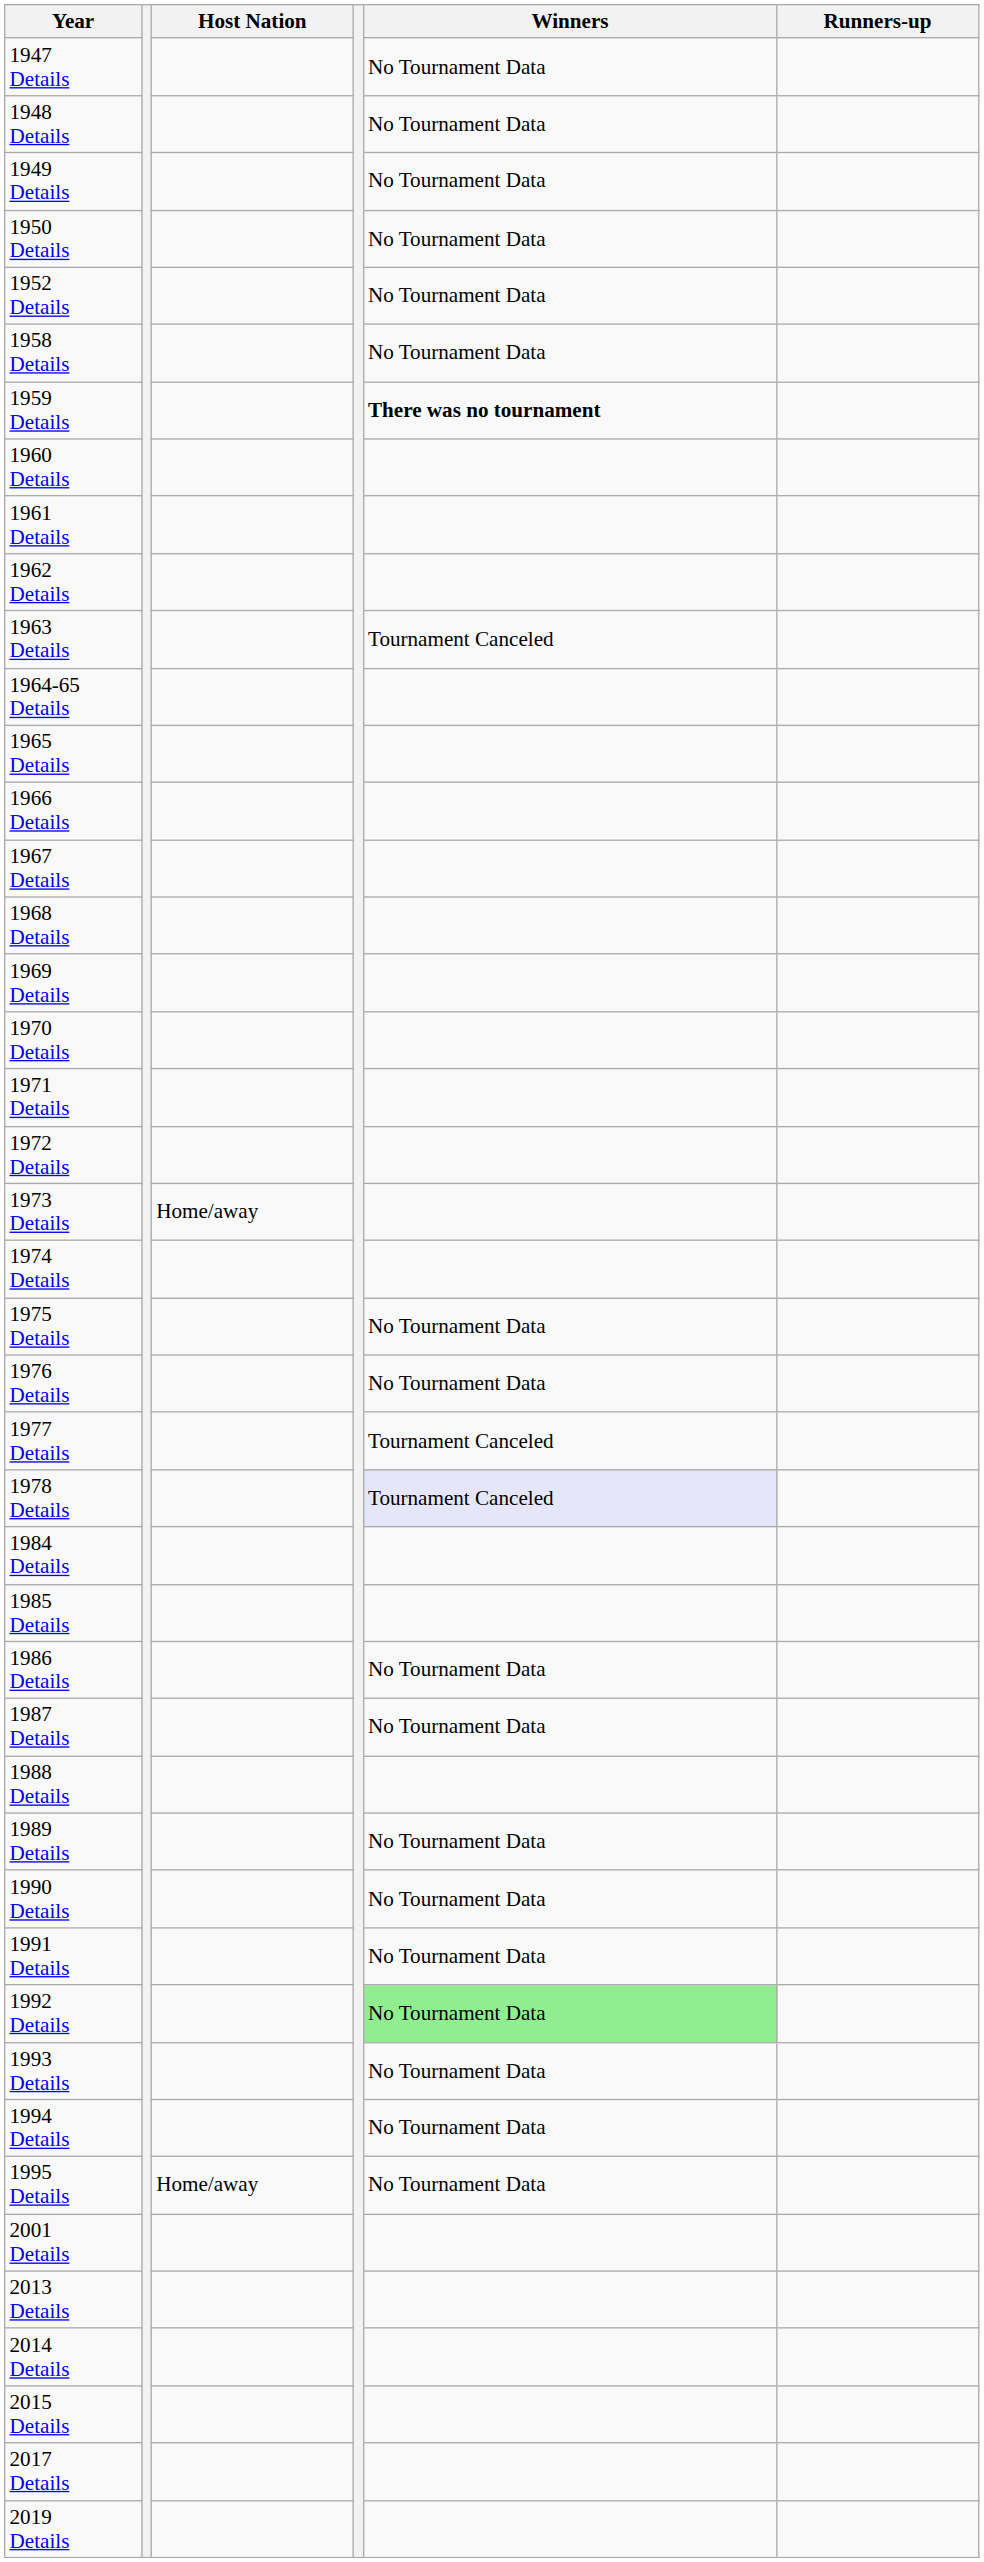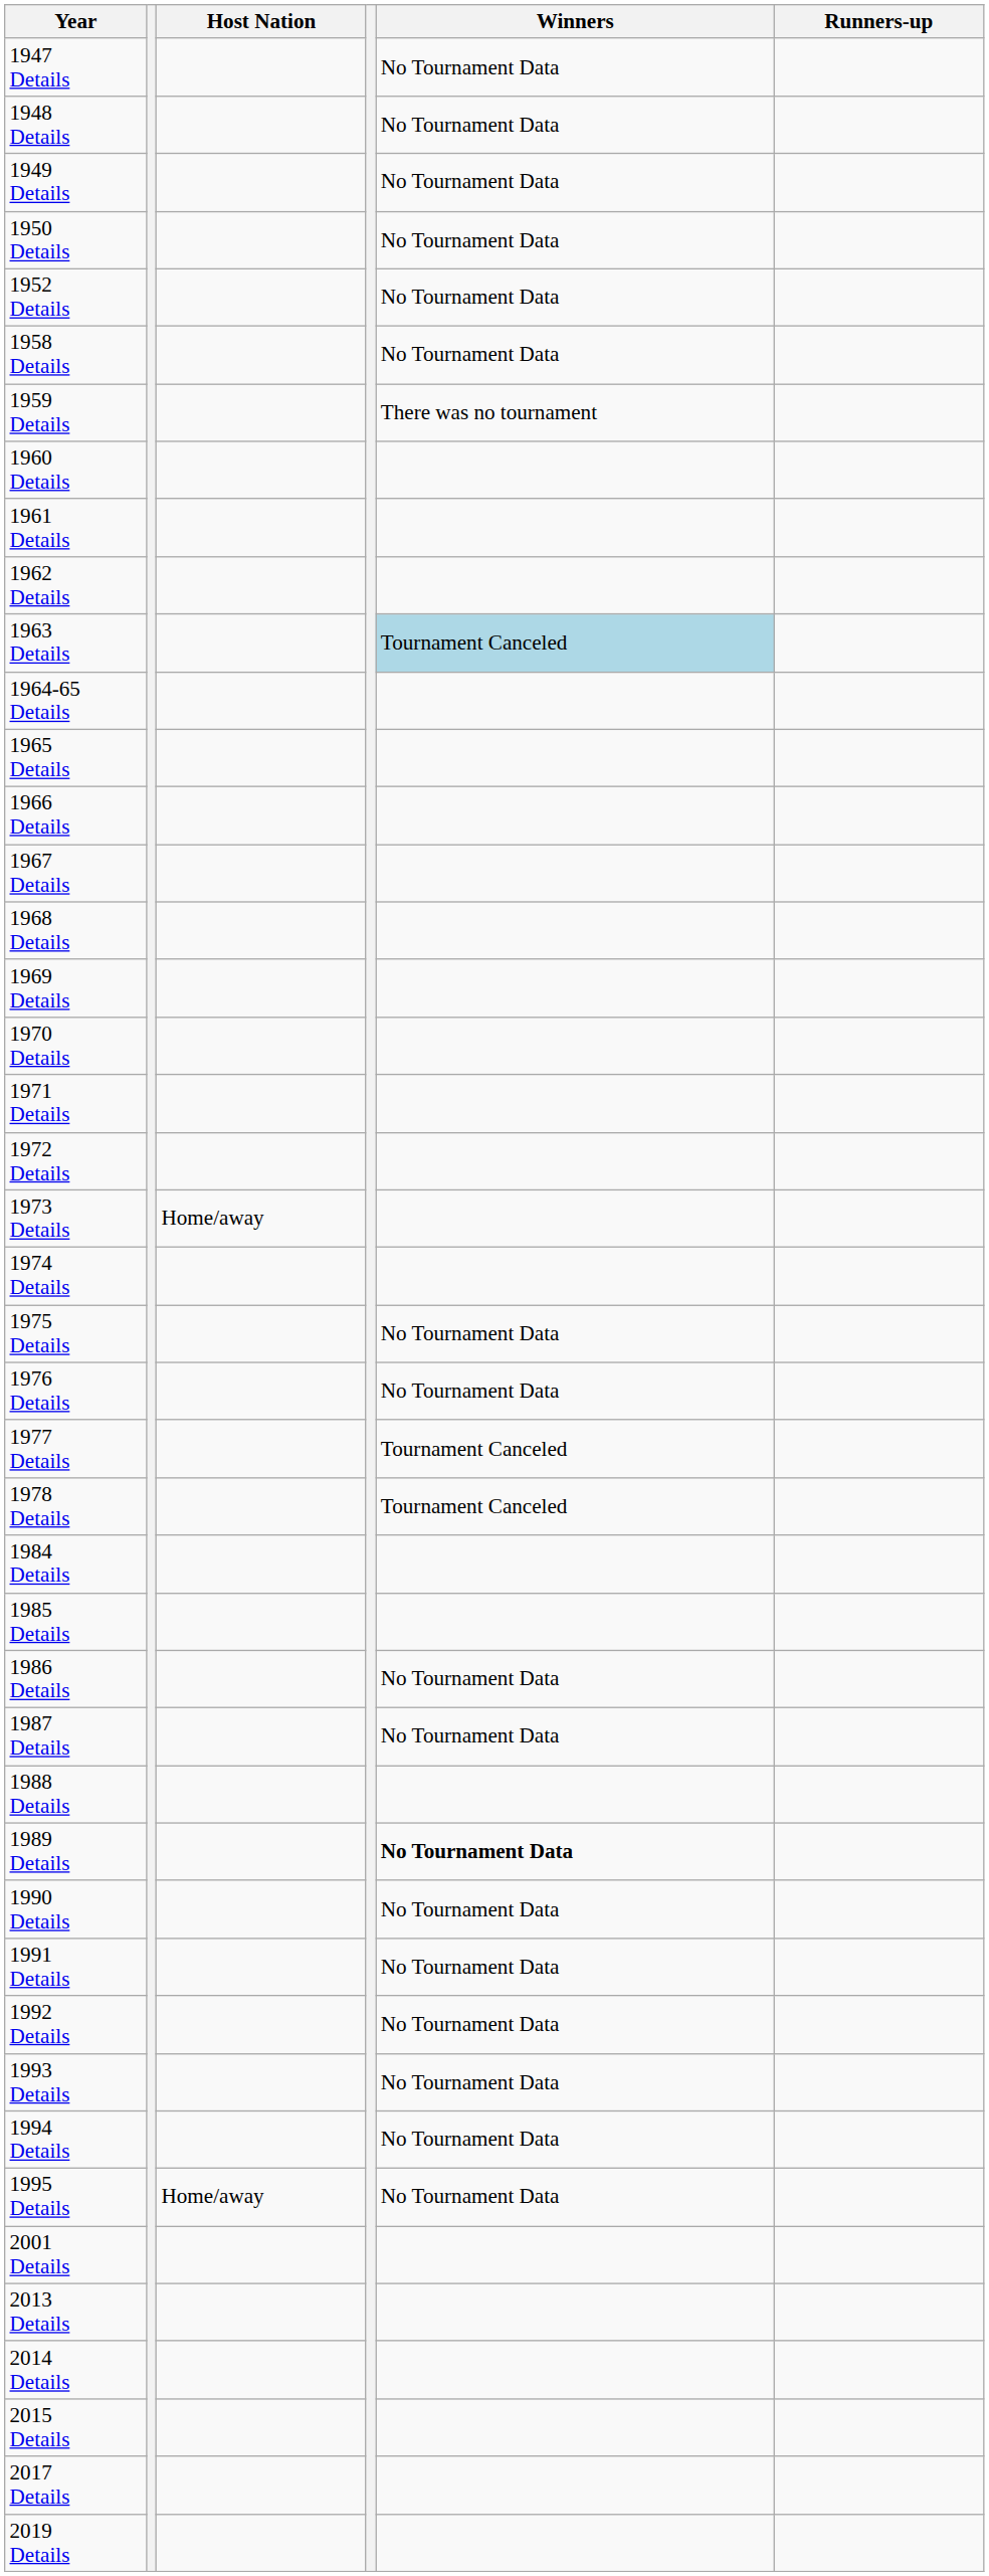 <table class="wikitable">
 <tr>
 <th>Year</th>
 <th width=1% rowspan=50 bgcolor=ffffff></th>
 <th>Host Nation</th>
 <th width=1% rowspan=50 bgcolor=ffffff></th>
 <th>Winners</th>
 <th>Runners-up</th>
 </tr>
 <tr>
 <td>1947<br><a href='#'>Details</a></td>
 <td></td>
 <td>No Tournament Data</td>
 <td></td>
 </tr>
 <tr>
 <td>1948<br><a href='#'>Details</a></td>
 <td></td>
 <td>No Tournament Data</td>
 <td></td>
 </tr>
 <tr>
 <td>1949<br><a href='#'>Details</a></td>
 <td></td>
 <td>No Tournament Data</td>
 <td></td>
 </tr>
 <tr>
 <td>1950<br><a href='#'>Details</a></td>
 <td></td>
 <td>No Tournament Data</td>
 <td></td>
 </tr>
 <tr>
 <td>1952<br><a href='#'>Details</a></td>
 <td></td>
 <td>No Tournament Data</td>
 <td></td>
 </tr>
 <tr>
 <td>1958<br><a href='#'>Details</a></td>
 <td></td>
 <td>No Tournament Data</td>
 <td></td>
 </tr>
 <tr>
 <td>1959<br><a href='#'>Details</a></td>
 <td></td>
-<td><strong>There was no tournament</strong></td>
+<td>There was no tournament</td>
 <td></td>
 </tr>
 <tr>
 <td>1960<br><a href='#'>Details</a></td>
 <td></td>
 <td></td>
 <td></td>
 </tr>
 <tr>
 <td>1961<br><a href='#'>Details</a></td>
 <td></td>
 <td></td>
 <td></td>
 </tr>
 <tr>
 <td>1962<br><a href='#'>Details</a></td>
 <td></td>
 <td></td>
 <td></td>
 </tr>
 <tr>
 <td>1963<br><a href='#'>Details</a></td>
 <td></td>
-<td>Tournament Canceled</td>
+<td style="background: lightblue;">Tournament Canceled</td>
 <td></td>
 </tr>
 <tr>
 <td>1964-65<br><a href='#'>Details</a></td>
 <td></td>
 <td></td>
 <td></td>
 </tr>
 <tr>
 <td>1965<br><a href='#'>Details</a></td>
 <td></td>
 <td></td>
 <td></td>
 </tr>
 <tr>
 <td>1966<br><a href='#'>Details</a></td>
 <td></td>
 <td></td>
 <td></td>
 </tr>
 <tr>
 <td>1967<br><a href='#'>Details</a></td>
 <td></td>
 <td></td>
 <td></td>
 </tr>
 <tr>
 <td>1968<br><a href='#'>Details</a></td>
 <td></td>
 <td></td>
 <td></td>
 </tr>
 <tr>
 <td>1969<br><a href='#'>Details</a></td>
 <td></td>
 <td></td>
 <td></td>
 </tr>
 <tr>
 <td>1970<br><a href='#'>Details</a></td>
 <td></td>
 <td></td>
 <td></td>
 </tr>
 <tr>
 <td>1971<br><a href='#'>Details</a></td>
 <td></td>
 <td></td>
 <td></td>
 </tr>
 <tr>
 <td>1972<br><a href='#'>Details</a></td>
 <td></td>
 <td></td>
 <td></td>
 </tr>
 <tr>
 <td>1973<br><a href='#'>Details</a></td>
 <td>Home/away</td>
 <td></td>
 <td></td>
 </tr>
 <tr>
 <td>1974<br><a href='#'>Details</a></td>
 <td></td>
 <td></td>
 <td></td>
 </tr>
 <tr>
 <td>1975<br><a href='#'>Details</a></td>
 <td></td>
 <td>No Tournament Data</td>
 <td></td>
 </tr>
 <tr>
 <td>1976<br><a href='#'>Details</a></td>
 <td></td>
 <td>No Tournament Data</td>
 <td></td>
 </tr>
 <tr>
 <td>1977<br><a href='#'>Details</a></td>
 <td></td>
 <td>Tournament Canceled</td>
 <td></td>
 </tr>
 <tr>
 <td>1978<br><a href='#'>Details</a></td>
 <td></td>
-<td style="background: lavender;">Tournament Canceled</td>
+<td>Tournament Canceled</td>
 <td></td>
 </tr>
 <tr>
 <td>1984<br><a href='#'>Details</a></td>
 <td></td>
 <td></td>
 <td></td>
 </tr>
 <tr>
 <td>1985<br><a href='#'>Details</a></td>
 <td></td>
 <td></td>
 <td></td>
 </tr>
 <tr>
 <td>1986<br><a href='#'>Details</a></td>
 <td></td>
 <td>No Tournament Data</td>
 <td></td>
 </tr>
 <tr>
 <td>1987<br><a href='#'>Details</a></td>
 <td></td>
 <td>No Tournament Data</td>
 <td></td>
 </tr>
 <tr>
 <td>1988<br><a href='#'>Details</a></td>
 <td></td>
 <td></td>
 <td></td>
 </tr>
 <tr>
 <td>1989<br><a href='#'>Details</a></td>
 <td></td>
-<td>No Tournament Data</td>
+<td><strong>No Tournament Data</strong></td>
 <td></td>
 </tr>
 <tr>
 <td>1990<br><a href='#'>Details</a></td>
 <td></td>
 <td>No Tournament Data</td>
 <td></td>
 </tr>
 <tr>
 <td>1991<br><a href='#'>Details</a></td>
 <td></td>
 <td>No Tournament Data</td>
 <td></td>
 </tr>
 <tr>
 <td>1992<br><a href='#'>Details</a></td>
 <td></td>
-<td style="background: lightgreen;">No Tournament Data</td>
+<td>No Tournament Data</td>
 <td></td>
 </tr>
 <tr>
 <td>1993<br><a href='#'>Details</a></td>
 <td></td>
 <td>No Tournament Data</td>
 <td></td>
 </tr>
 <tr>
 <td>1994<br><a href='#'>Details</a></td>
 <td></td>
 <td>No Tournament Data</td>
 <td></td>
 </tr>
 <tr>
 <td>1995<br><a href='#'>Details</a></td>
 <td>Home/away</td>
 <td>No Tournament Data</td>
 <td></td>
 </tr>
 <tr>
 <td>2001<br><a href='#'>Details</a></td>
 <td></td>
 <td></td>
 <td></td>
 </tr>
 <tr>
 <td>2013<br><a href='#'>Details</a></td>
 <td></td>
 <td></td>
 <td></td>
 </tr>
 <tr>
 <td>2014<br><a href='#'>Details</a></td>
 <td></td>
 <td></td>
 <td></td>
 </tr>
 <tr>
 <td>2015<br><a href='#'>Details</a></td>
 <td></td>
 <td></td>
 <td></td>
 </tr>
 <tr>
 <td>2017<br><a href='#'>Details</a></td>
 <td></td>
 <td></td>
 <td></td>
 </tr>
 <tr>
 <td>2019<br><a href='#'>Details</a></td>
 <td></td>
 <td></td>
 <td></td>
 </tr>
 </table>
